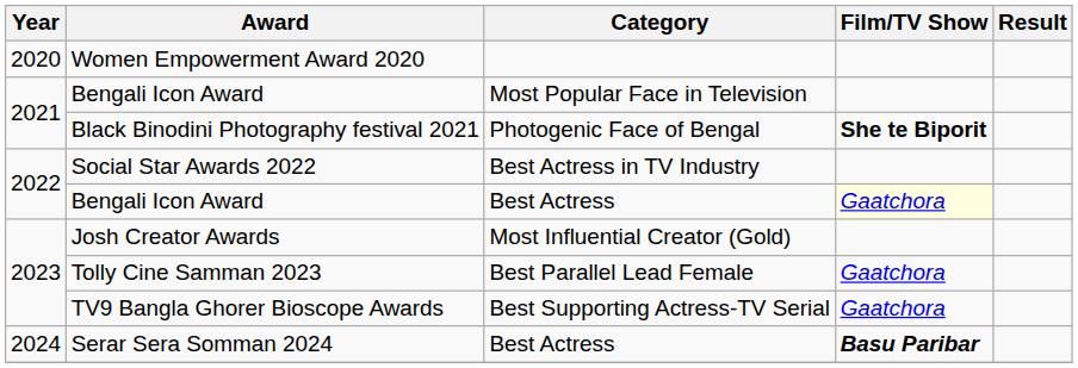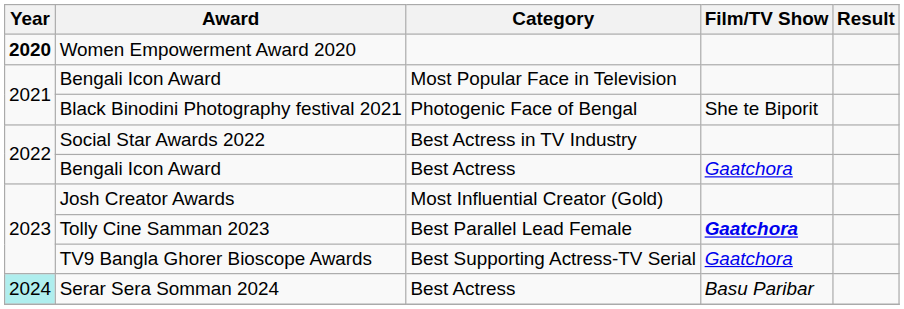 <table class= "wikitable sortable">
 <tr>
 <th>Year</th>
 <th>Award</th>
 <th>Category</th>
 <th>Film/TV Show</th>
 <th>Result</th>
 </tr>
 <tr>
-<td rowspan="1">2020</td>
+<td rowspan="1"><strong>2020</strong></td>
 <td>Women Empowerment Award 2020</td>
 <td></td>
 <td></td>
 <td></td>
 </tr>
 <tr>
 <td rowspan="2">2021</td>
 <td>Bengali Icon Award</td>
 <td>Most Popular Face in Television</td>
 <td></td>
 <td></td>
 </tr>
 <tr>
 <td>Black Binodini Photography festival 2021</td>
 <td>Photogenic Face of Bengal</td>
-<td><strong>She te Biporit</strong></td>
+<td>She te Biporit</td>
 <td></td>
 </tr>
 <tr>
 <td rowspan="2">2022</td>
 <td>Social Star Awards 2022</td>
 <td>Best Actress in TV Industry</td>
 <td></td>
 <td></td>
 </tr>
 <tr>
 <td>Bengali Icon Award</td>
 <td>Best Actress</td>
-<td style="background: lightyellow;"><em><a href='#'>Gaatchora</a></em></td>
+<td><em><a href='#'>Gaatchora</a></em></td>
 <td></td>
 </tr>
 <tr>
 <td rowspan="3">2023</td>
 <td>Josh Creator Awards</td>
 <td>Most Influential Creator (Gold)</td>
 <td></td>
 <td></td>
 </tr>
 <tr>
 <td>Tolly Cine Samman 2023</td>
 <td>Best Parallel Lead Female</td>
-<td><em><a href='#'>Gaatchora</a></em></td>
+<td><strong><em><a href='#'>Gaatchora</a></em></strong></td>
 <td></td>
 </tr>
 <tr>
 <td>TV9 Bangla Ghorer Bioscope Awards</td>
 <td>Best Supporting Actress-TV Serial</td>
 <td><em><a href='#'>Gaatchora</a></em></td>
 <td></td>
 </tr>
 <tr>
-<td rowspan="1">2024</td>
+<td rowspan="1" style="background: paleturquoise;">2024</td>
 <td>Serar Sera Somman 2024</td>
 <td>Best Actress</td>
-<td><strong><em>Basu Paribar</em></strong></td>
+<td><em>Basu Paribar</em></td>
 <td></td>
 </tr>
 <tr>
 </tr>
 </table>
